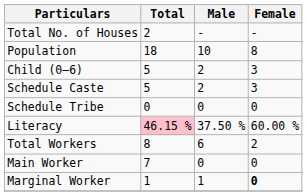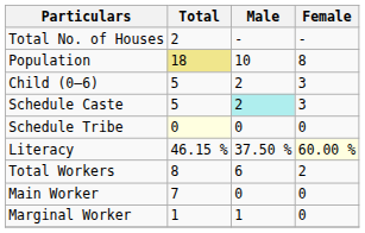 <table class="wikitable sortable">
 <tr>
 <th>Particulars</th>
 <th>Total</th>
 <th>Male</th>
 <th>Female</th>
 </tr>
 <tr>
 <td>Total No. of Houses</td>
 <td>2</td>
 <td>-</td>
 <td>-</td>
 </tr>
 <tr>
 <td>Population</td>
-<td>18</td>
+<td style="background: khaki;">18</td>
 <td>10</td>
 <td>8</td>
 </tr>
 <tr>
 <td>Child (0–6)</td>
 <td>5</td>
 <td>2</td>
 <td>3</td>
 </tr>
 <tr>
 <td>Schedule Caste</td>
 <td>5</td>
-<td>2</td>
+<td style="background: paleturquoise;">2</td>
 <td>3</td>
 </tr>
 <tr>
 <td>Schedule Tribe</td>
-<td>0</td>
+<td style="background: lightyellow;">0</td>
 <td>0</td>
 <td>0</td>
 </tr>
 <tr>
 <td>Literacy</td>
-<td style="background: pink;">46.15 %</td>
+<td>46.15 %</td>
 <td>37.50 %</td>
-<td>60.00 %</td>
+<td style="background: lightyellow;">60.00 %</td>
 </tr>
 <tr>
 <td>Total Workers</td>
 <td>8</td>
 <td>6</td>
 <td>2</td>
 </tr>
 <tr>
 <td>Main Worker</td>
 <td>7</td>
 <td>0</td>
 <td>0</td>
 </tr>
 <tr>
 <td>Marginal Worker</td>
 <td>1</td>
 <td>1</td>
-<td><strong>0</strong></td>
+<td>0</td>
 </tr>
 <tr>
 </tr>
 </table>
